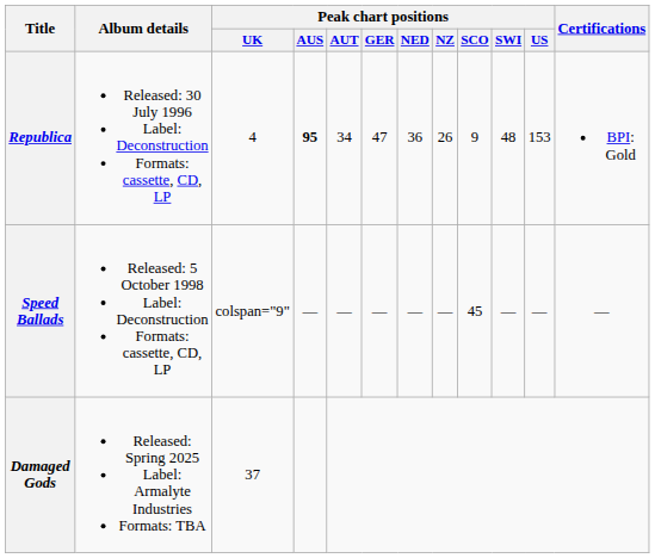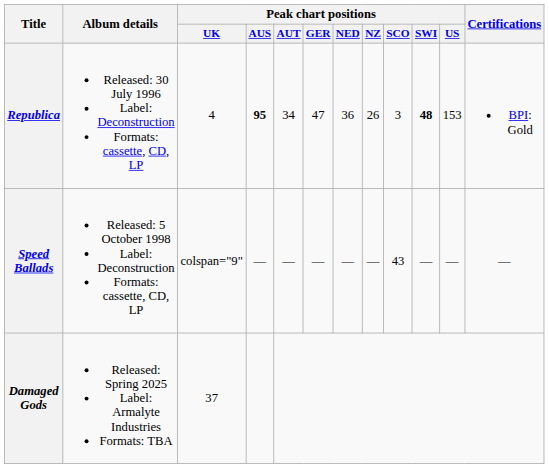 <table class="wikitable plainrowheaders" style="text-align:center;" border="1">
 <tr>
 <th scope="col" rowspan="2">Title</th>
 <th scope="col" rowspan="2">Album details</th>
 <th scope="col" colspan="9">Peak chart positions</th>
 <th scope="col" rowspan="2"><a href='#'>Certifications</a></th>
 </tr>
 <tr>
 <th scope="col" style="width:3em;font-size:90%;"><a href='#'>UK</a><br></th>
 <th scope="col" style="width:3em;font-size:90%;"><a href='#'>AUS</a><br></th>
 <th scope="col" style="width:3em;font-size:90%;"><a href='#'>AUT</a><br></th>
 <th scope="col" style="width:3em;font-size:90%;"><a href='#'>GER</a><br></th>
 <th scope="col" style="width:3em;font-size:90%;"><a href='#'>NED</a><br></th>
 <th scope="col" style="width:3em;font-size:90%;"><a href='#'>NZ</a><br></th>
 <th scope="col" style="width:3em;font-size:90%;"><a href='#'>SCO</a><br></th>
 <th scope="col" style="width:3em;font-size:90%;"><a href='#'>SWI</a><br></th>
 <th scope="col" style="width:3em;font-size:90%;"><a href='#'>US</a><br></th>
 </tr>
 <tr>
 <th scope="row"><em><a href='#'>Republica</a></em></th>
 <td><br><ul><li>Released: 30 July 1996</li><li>Label: <a href='#'>Deconstruction</a></li><li>Formats: <a href='#'>cassette</a>, <a href='#'>CD</a>, <a href='#'>LP</a></li></ul></td>
 <td align="center">4</td>
 <td align="center"><strong>95</strong></td>
 <td align="center">34</td>
 <td align="center">47</td>
 <td align="center">36</td>
 <td align="center">26</td>
-<td align="center">9</td>
-<td align="center">48</td>
+<td align="center">3</td>
+<td align="center"><strong>48</strong></td>
 <td align="center">153</td>
 <td><br><ul><li><a href='#'>BPI</a>: Gold</li></ul></td>
 </tr>
 <tr>
 <th scope="row"><em><a href='#'>Speed Ballads</a></em></th>
 <td><br><ul><li>Released: 5 October 1998</li><li>Label: Deconstruction</li><li>Formats: cassette, CD, LP</li></ul></td>
 <td>colspan="9" </td>
 <td align="center">—</td>
 <td align="center">—</td>
 <td align="center">—</td>
 <td align="center">—</td>
 <td align="center">—</td>
-<td align="center">45</td>
+<td align="center">43</td>
 <td align="center">—</td>
 <td align="center">—</td>
 <td>—</td>
 </tr>
 <tr>
 <th scope="row"><em>Damaged Gods</em></th>
 <td><br><ul><li>Released: Spring 2025</li><li>Label: Armalyte Industries</li><li>Formats: TBA</li></ul></td>
 <td align="center">37</td>
 <td></td>
 </tr>
 </table>
